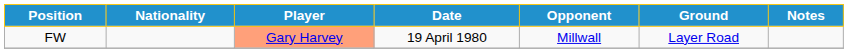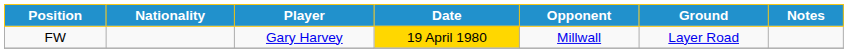 <table class="wikitable" style="text-align:center; font-size:90%; width:100%;">
 <tr>
 <th style="background:#2191CC; color:white; border:1px solid #F7C408; text-align:center;">Position</th>
 <th style="background:#2191CC; color:white; border:1px solid #F7C408; text-align:center;">Nationality</th>
 <th style="background:#2191CC; color:white; border:1px solid #F7C408; text-align:center;">Player</th>
 <th style="background:#2191CC; color:white; border:1px solid #F7C408; text-align:center;">Date</th>
 <th style="background:#2191CC; color:white; border:1px solid #F7C408; text-align:center;">Opponent</th>
 <th style="background:#2191CC; color:white; border:1px solid #F7C408; text-align:center;">Ground</th>
 <th style="background:#2191CC; color:white; border:1px solid #F7C408; text-align:center;">Notes</th>
 </tr>
 <tr>
 <td>FW</td>
 <td></td>
-<td style="background: lightsalmon;"><a href='#'>Gary Harvey</a></td>
-<td>19 April 1980</td>
+<td><a href='#'>Gary Harvey</a></td>
+<td style="background: gold;">19 April 1980</td>
 <td><a href='#'>Millwall</a></td>
 <td><a href='#'>Layer Road</a></td>
 <td></td>
 </tr>
 <tr>
 </tr>
 </table>
